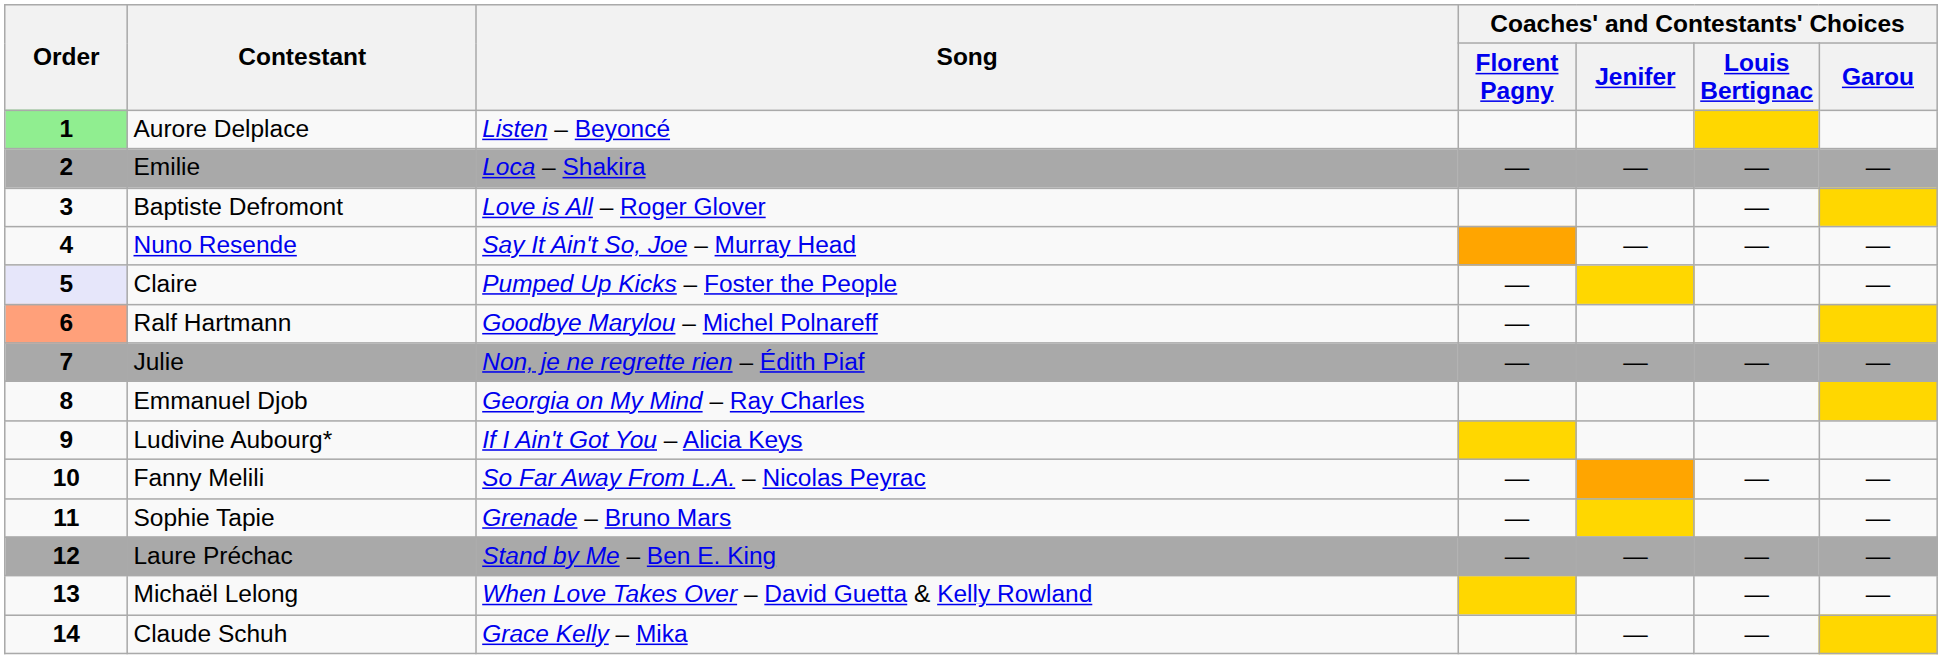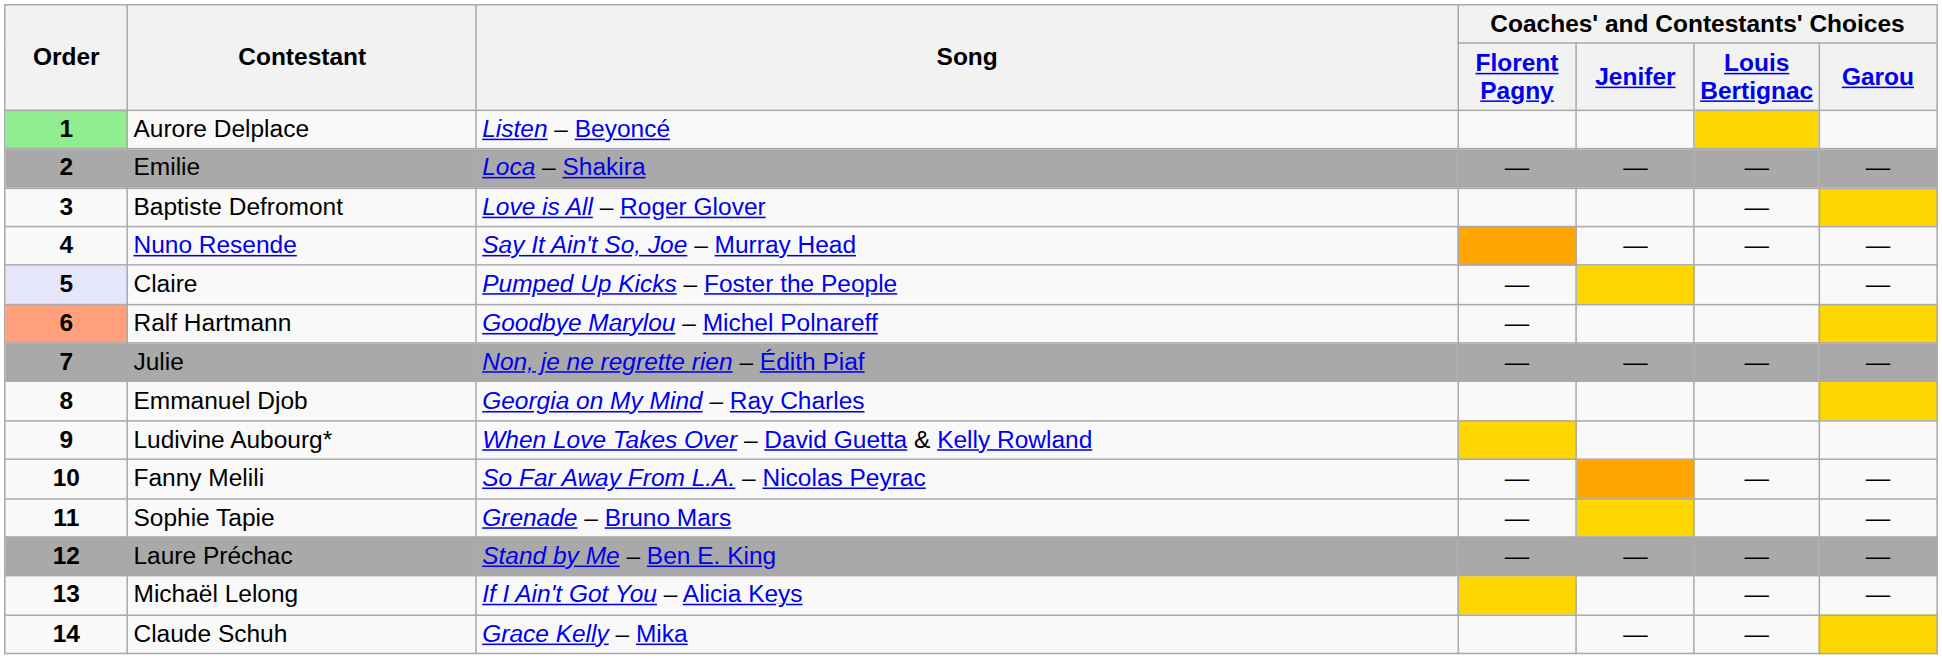 <table class="wikitable" style="width:100%;">
 <tr>
 <th rowspan=2>Order</th>
 <th rowspan=2>Contestant</th>
 <th rowspan=2>Song</th>
 <th colspan=4>Coaches' and Contestants' Choices</th>
 </tr>
 <tr>
 <th width="70"><a href='#'>Florent Pagny</a></th>
 <th width="70"><a href='#'>Jenifer</a></th>
 <th width="70"><a href='#'>Louis Bertignac</a></th>
 <th width="70"><a href='#'>Garou</a></th>
 </tr>
 <tr>
 <td align="center" style="background: lightgreen;"><strong>1</strong></td>
 <td>Aurore Delplace</td>
 <td><em><a href='#'>Listen</a></em> – <a href='#'>Beyoncé</a></td>
 <td style="text-align:center;"></td>
 <td style="text-align:center;"></td>
 <td style="background:gold;text-align:center;"></td>
 <td style="text-align:center;"></td>
 </tr>
 <tr>
 <td style="background:darkgrey;text-align:center;"><strong>2</strong></td>
 <td style="background:darkgrey;text-align:left;">Emilie</td>
 <td style="background:darkgrey;text-align:left;"><em><a href='#'>Loca</a></em> – <a href='#'>Shakira</a></td>
 <td style="background:darkgrey;text-align:center;">—</td>
 <td style="background:darkgrey;text-align:center;">—</td>
 <td style="background:darkgrey;text-align:center;">—</td>
 <td style="background:darkgrey;text-align:center;">—</td>
 </tr>
 <tr>
 <td align="center"><strong>3</strong></td>
 <td>Baptiste Defromont</td>
 <td><em><a href='#'>Love is All</a></em> – <a href='#'>Roger Glover</a></td>
 <td style="text-align:center;"></td>
 <td style="text-align:center;"></td>
 <td align="center">—</td>
 <td style="background:gold;text-align:center;"></td>
 </tr>
 <tr>
 <td align="center"><strong>4</strong></td>
 <td><a href='#'>Nuno Resende</a></td>
 <td><em><a href='#'>Say It Ain't So, Joe</a></em> – <a href='#'>Murray Head</a></td>
 <td style="background:orange;text-align:center;"></td>
 <td align="center">—</td>
 <td align="center">—</td>
 <td align="center">—</td>
 </tr>
 <tr>
 <td align="center" style="background: lavender;"><strong>5</strong></td>
 <td>Claire</td>
 <td><em><a href='#'>Pumped Up Kicks</a></em> – <a href='#'>Foster the People</a></td>
 <td align="center">—</td>
 <td style="background:gold;text-align:center;"></td>
 <td style="text-align:center;"></td>
 <td align="center">—</td>
 </tr>
 <tr>
 <td align="center" style="background: lightsalmon;"><strong>6</strong></td>
 <td>Ralf Hartmann</td>
 <td><em><a href='#'>Goodbye Marylou</a></em> – <a href='#'>Michel Polnareff</a></td>
 <td align="center">—</td>
 <td style="text-align:center;"></td>
 <td style="text-align:center;"></td>
 <td style="background:gold;text-align:center;"></td>
 </tr>
 <tr>
 <td style="background:darkgrey;text-align:center;"><strong>7</strong></td>
 <td style="background:darkgrey;text-align:left;">Julie</td>
 <td style="background:darkgrey;text-align:left;"><em><a href='#'>Non, je ne regrette rien</a></em> – <a href='#'>Édith Piaf</a></td>
 <td style="background:darkgrey;text-align:center;">—</td>
 <td style="background:darkgrey;text-align:center;">—</td>
 <td style="background:darkgrey;text-align:center;">—</td>
 <td style="background:darkgrey;text-align:center;">—</td>
 </tr>
 <tr>
 <td align="center"><strong>8</strong></td>
 <td>Emmanuel Djob</td>
 <td><em><a href='#'>Georgia on My Mind</a></em> – <a href='#'>Ray Charles</a></td>
 <td style="text-align:center;"></td>
 <td style="text-align:center;"></td>
 <td style="text-align:center;"></td>
 <td style="background:gold;text-align:center;"></td>
 </tr>
 <tr>
 <td align="center"><strong>9</strong></td>
 <td>Ludivine Aubourg*</td>
-<td><em><a href='#'>If I Ain't Got You</a></em> – <a href='#'>Alicia Keys</a></td>
+<td><em><a href='#'>When Love Takes Over</a></em> – <a href='#'>David Guetta</a> & <a href='#'>Kelly Rowland</a></td>
 <td style="background:gold;text-align:center;"></td>
 <td style="text-align:center;"></td>
 <td style="text-align:center;"></td>
 <td style="text-align:center;"></td>
 </tr>
 <tr>
 <td align="center"><strong>10</strong></td>
 <td>Fanny Melili</td>
 <td><em><a href='#'>So Far Away From L.A.</a></em> – <a href='#'>Nicolas Peyrac</a></td>
 <td align="center">—</td>
 <td style="background:orange;text-align:center;"></td>
 <td align="center">—</td>
 <td align="center">—</td>
 </tr>
 <tr>
 <td align="center"><strong>11</strong></td>
 <td>Sophie Tapie</td>
 <td><em><a href='#'>Grenade</a></em> – <a href='#'>Bruno Mars</a></td>
 <td align="center">—</td>
 <td style="background:gold;text-align:center;"></td>
 <td style="text-align:center;"></td>
 <td align="center">—</td>
 </tr>
 <tr>
 <td style="background:darkgrey;text-align:center;"><strong>12</strong></td>
 <td style="background:darkgrey;text-align:left;">Laure Préchac</td>
 <td style="background:darkgrey;text-align:left;"><em><a href='#'>Stand by Me</a></em> – <a href='#'>Ben E. King</a></td>
 <td style="background:darkgrey;text-align:center;">—</td>
 <td style="background:darkgrey;text-align:center;">—</td>
 <td style="background:darkgrey;text-align:center;">—</td>
 <td style="background:darkgrey;text-align:center;">—</td>
 </tr>
 <tr>
 <td align="center"><strong>13</strong></td>
 <td>Michaël Lelong</td>
-<td><em><a href='#'>When Love Takes Over</a></em> – <a href='#'>David Guetta</a> & <a href='#'>Kelly Rowland</a></td>
+<td><em><a href='#'>If I Ain't Got You</a></em> – <a href='#'>Alicia Keys</a></td>
 <td style="background:gold;text-align:center;"></td>
 <td style="text-align:center;"></td>
 <td align="center">—</td>
 <td align="center">—</td>
 </tr>
 <tr>
 <td align="center"><strong>14</strong></td>
 <td>Claude Schuh</td>
 <td><em><a href='#'>Grace Kelly</a></em> – <a href='#'>Mika</a></td>
 <td style="text-align:center;"></td>
 <td align="center">—</td>
 <td align="center">—</td>
 <td style="background:gold;text-align:center;"></td>
 </tr>
 </table>
